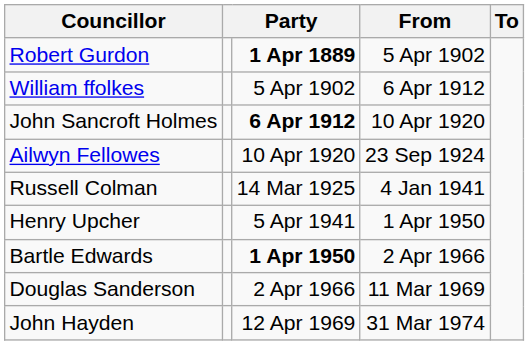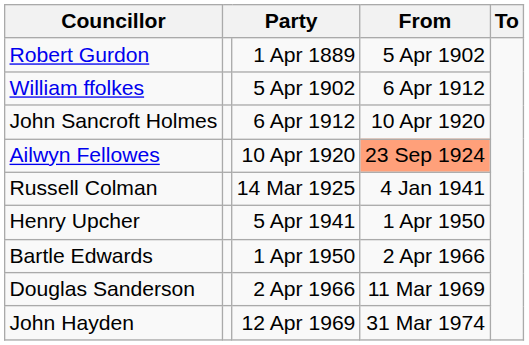 <table class=wikitable>
 <tr>
 <th>Councillor</th>
 <th colspan=2>Party</th>
 <th>From</th>
 <th>To</th>
 </tr>
 <tr>
 <td><a href='#'>Robert Gurdon</a></td>
 <td></td>
-<td align=right><strong>1 Apr 1889</strong></td>
+<td align=right>1 Apr 1889</td>
 <td align=right>5 Apr 1902</td>
 </tr>
 <tr>
 <td><a href='#'>William ffolkes</a></td>
 <td></td>
 <td align=right>5 Apr 1902</td>
 <td align=right>6 Apr 1912</td>
 </tr>
 <tr>
 <td>John Sancroft Holmes</td>
 <td></td>
-<td align=right><strong>6 Apr 1912</strong></td>
+<td align=right>6 Apr 1912</td>
 <td align=right>10 Apr 1920</td>
 </tr>
 <tr>
 <td><a href='#'>Ailwyn Fellowes</a></td>
 <td></td>
 <td align=right>10 Apr 1920</td>
-<td align=right>23 Sep 1924</td>
+<td align=right style="background: lightsalmon;">23 Sep 1924</td>
 </tr>
 <tr>
 <td>Russell Colman</td>
 <td></td>
 <td align=right>14 Mar 1925</td>
 <td align=right>4 Jan 1941</td>
 </tr>
 <tr>
 <td>Henry Upcher</td>
 <td></td>
 <td align=right>5 Apr 1941</td>
 <td align=right>1 Apr 1950</td>
 </tr>
 <tr>
 <td>Bartle Edwards</td>
 <td></td>
-<td align=right><strong>1 Apr 1950</strong></td>
+<td align=right>1 Apr 1950</td>
 <td align=right>2 Apr 1966</td>
 </tr>
 <tr>
 <td>Douglas Sanderson</td>
 <td></td>
 <td align=right>2 Apr 1966</td>
 <td align=right>11 Mar 1969</td>
 </tr>
 <tr>
 <td>John Hayden</td>
 <td></td>
 <td align=right>12 Apr 1969</td>
 <td align=right>31 Mar 1974</td>
 </tr>
 </table>
